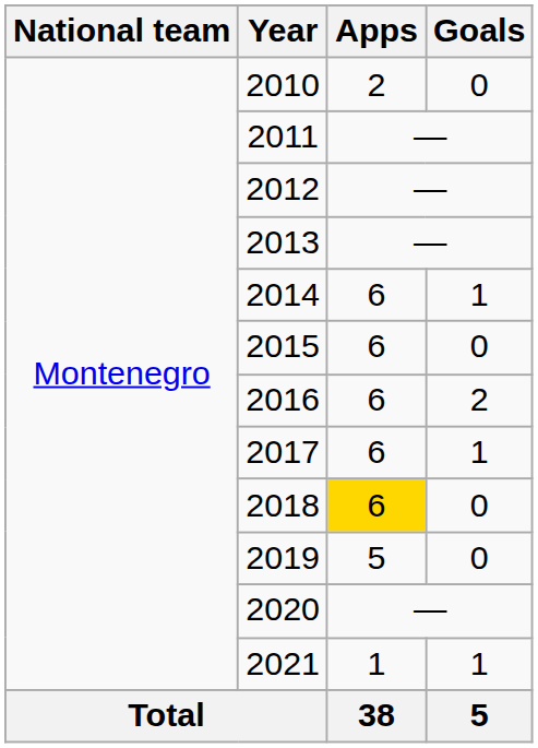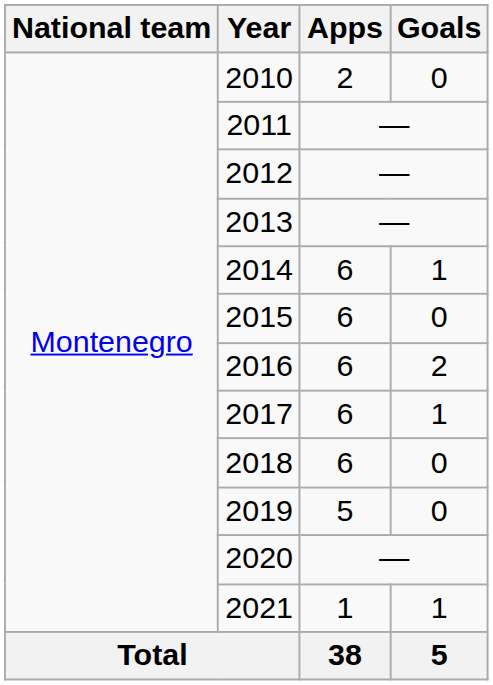 <table class="wikitable" style="text-align:center">
 <tr>
 <th>National team</th>
 <th>Year</th>
 <th>Apps</th>
 <th>Goals</th>
 </tr>
 <tr>
 <td rowspan="12"><a href='#'>Montenegro</a></td>
 <td>2010</td>
 <td>2</td>
 <td>0</td>
 </tr>
 <tr>
 <td>2011</td>
 <td colspan=2>—</td>
 </tr>
 <tr>
 <td>2012</td>
 <td colspan=2>—</td>
 </tr>
 <tr>
 <td>2013</td>
 <td colspan=2>—</td>
 </tr>
 <tr>
 <td>2014</td>
 <td>6</td>
 <td>1</td>
 </tr>
 <tr>
 <td>2015</td>
 <td>6</td>
 <td>0</td>
 </tr>
 <tr>
 <td>2016</td>
 <td>6</td>
 <td>2</td>
 </tr>
 <tr>
 <td>2017</td>
 <td>6</td>
 <td>1</td>
 </tr>
 <tr>
 <td>2018</td>
-<td style="background: gold;">6</td>
+<td>6</td>
 <td>0</td>
 </tr>
 <tr>
 <td>2019</td>
 <td>5</td>
 <td>0</td>
 </tr>
 <tr>
 <td>2020</td>
 <td colspan=2>—</td>
 </tr>
 <tr>
 <td>2021</td>
 <td>1</td>
 <td>1</td>
 </tr>
 <tr>
 <th colspan="2">Total</th>
 <th>38</th>
 <th>5</th>
 </tr>
 </table>
